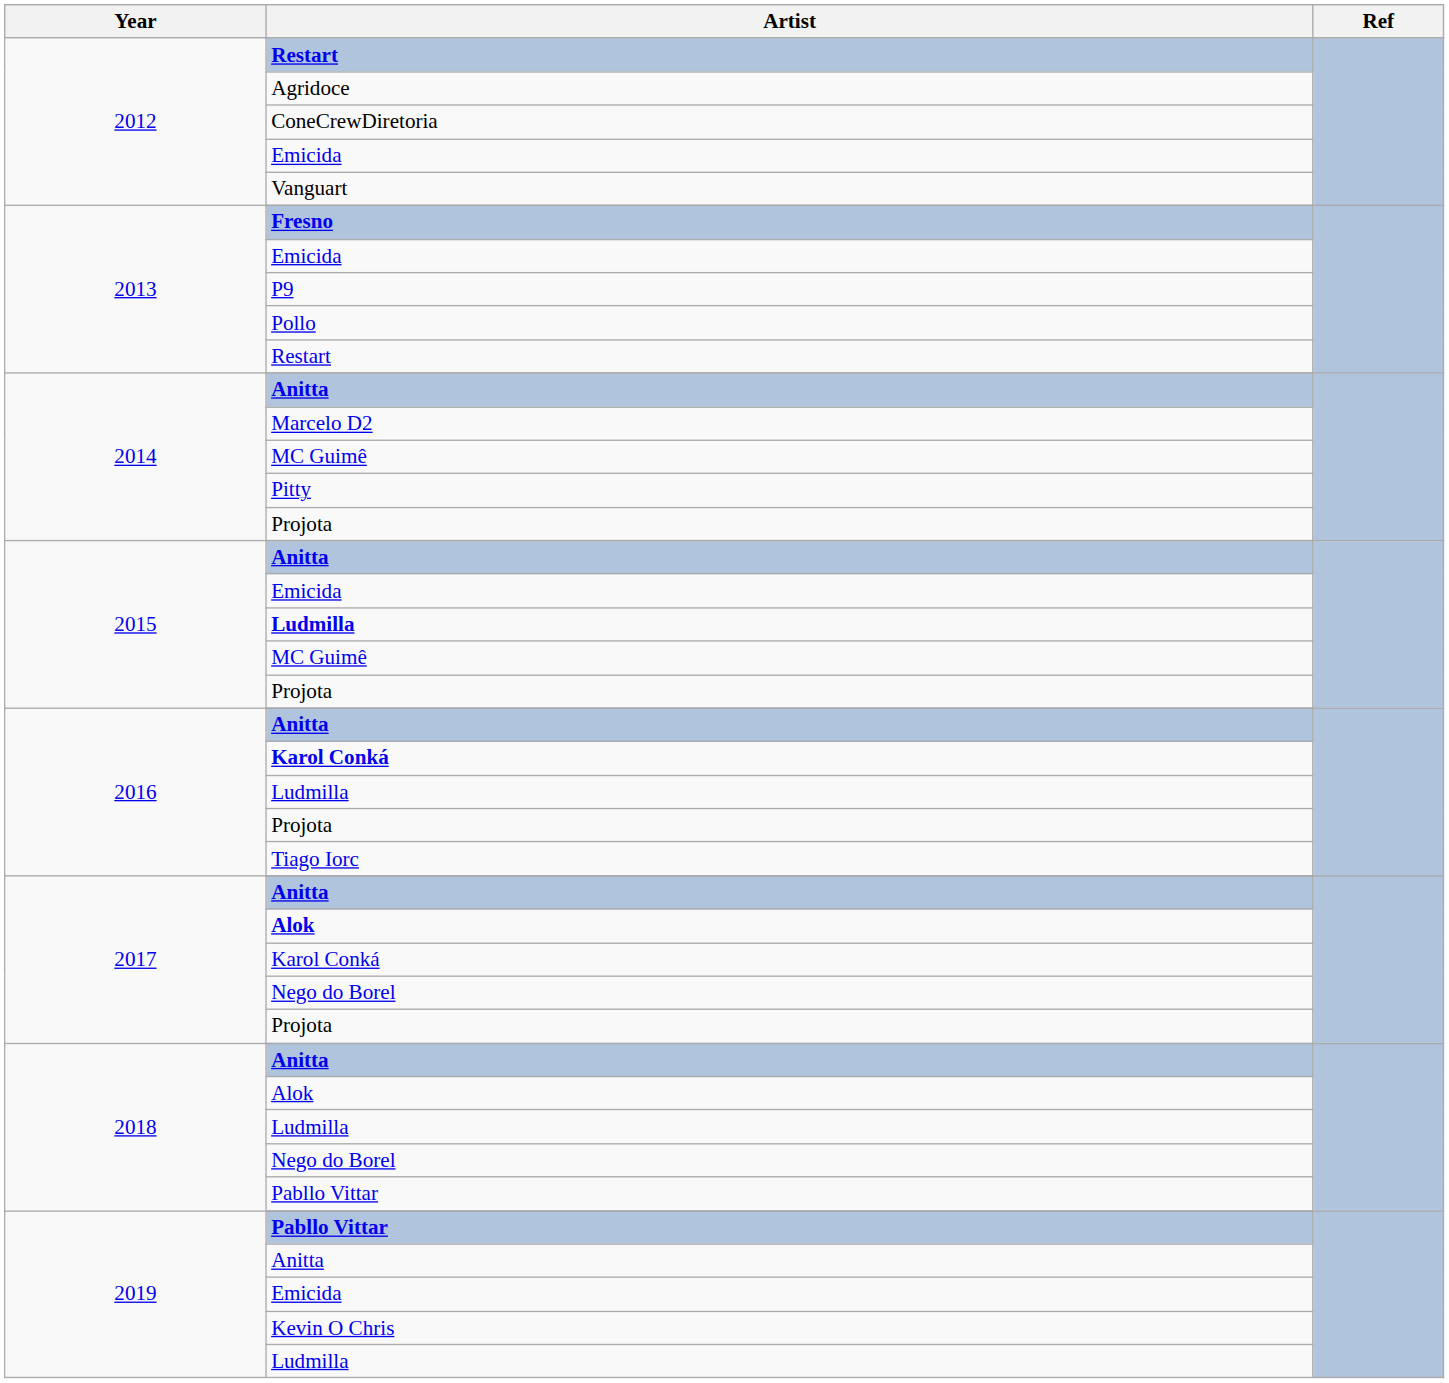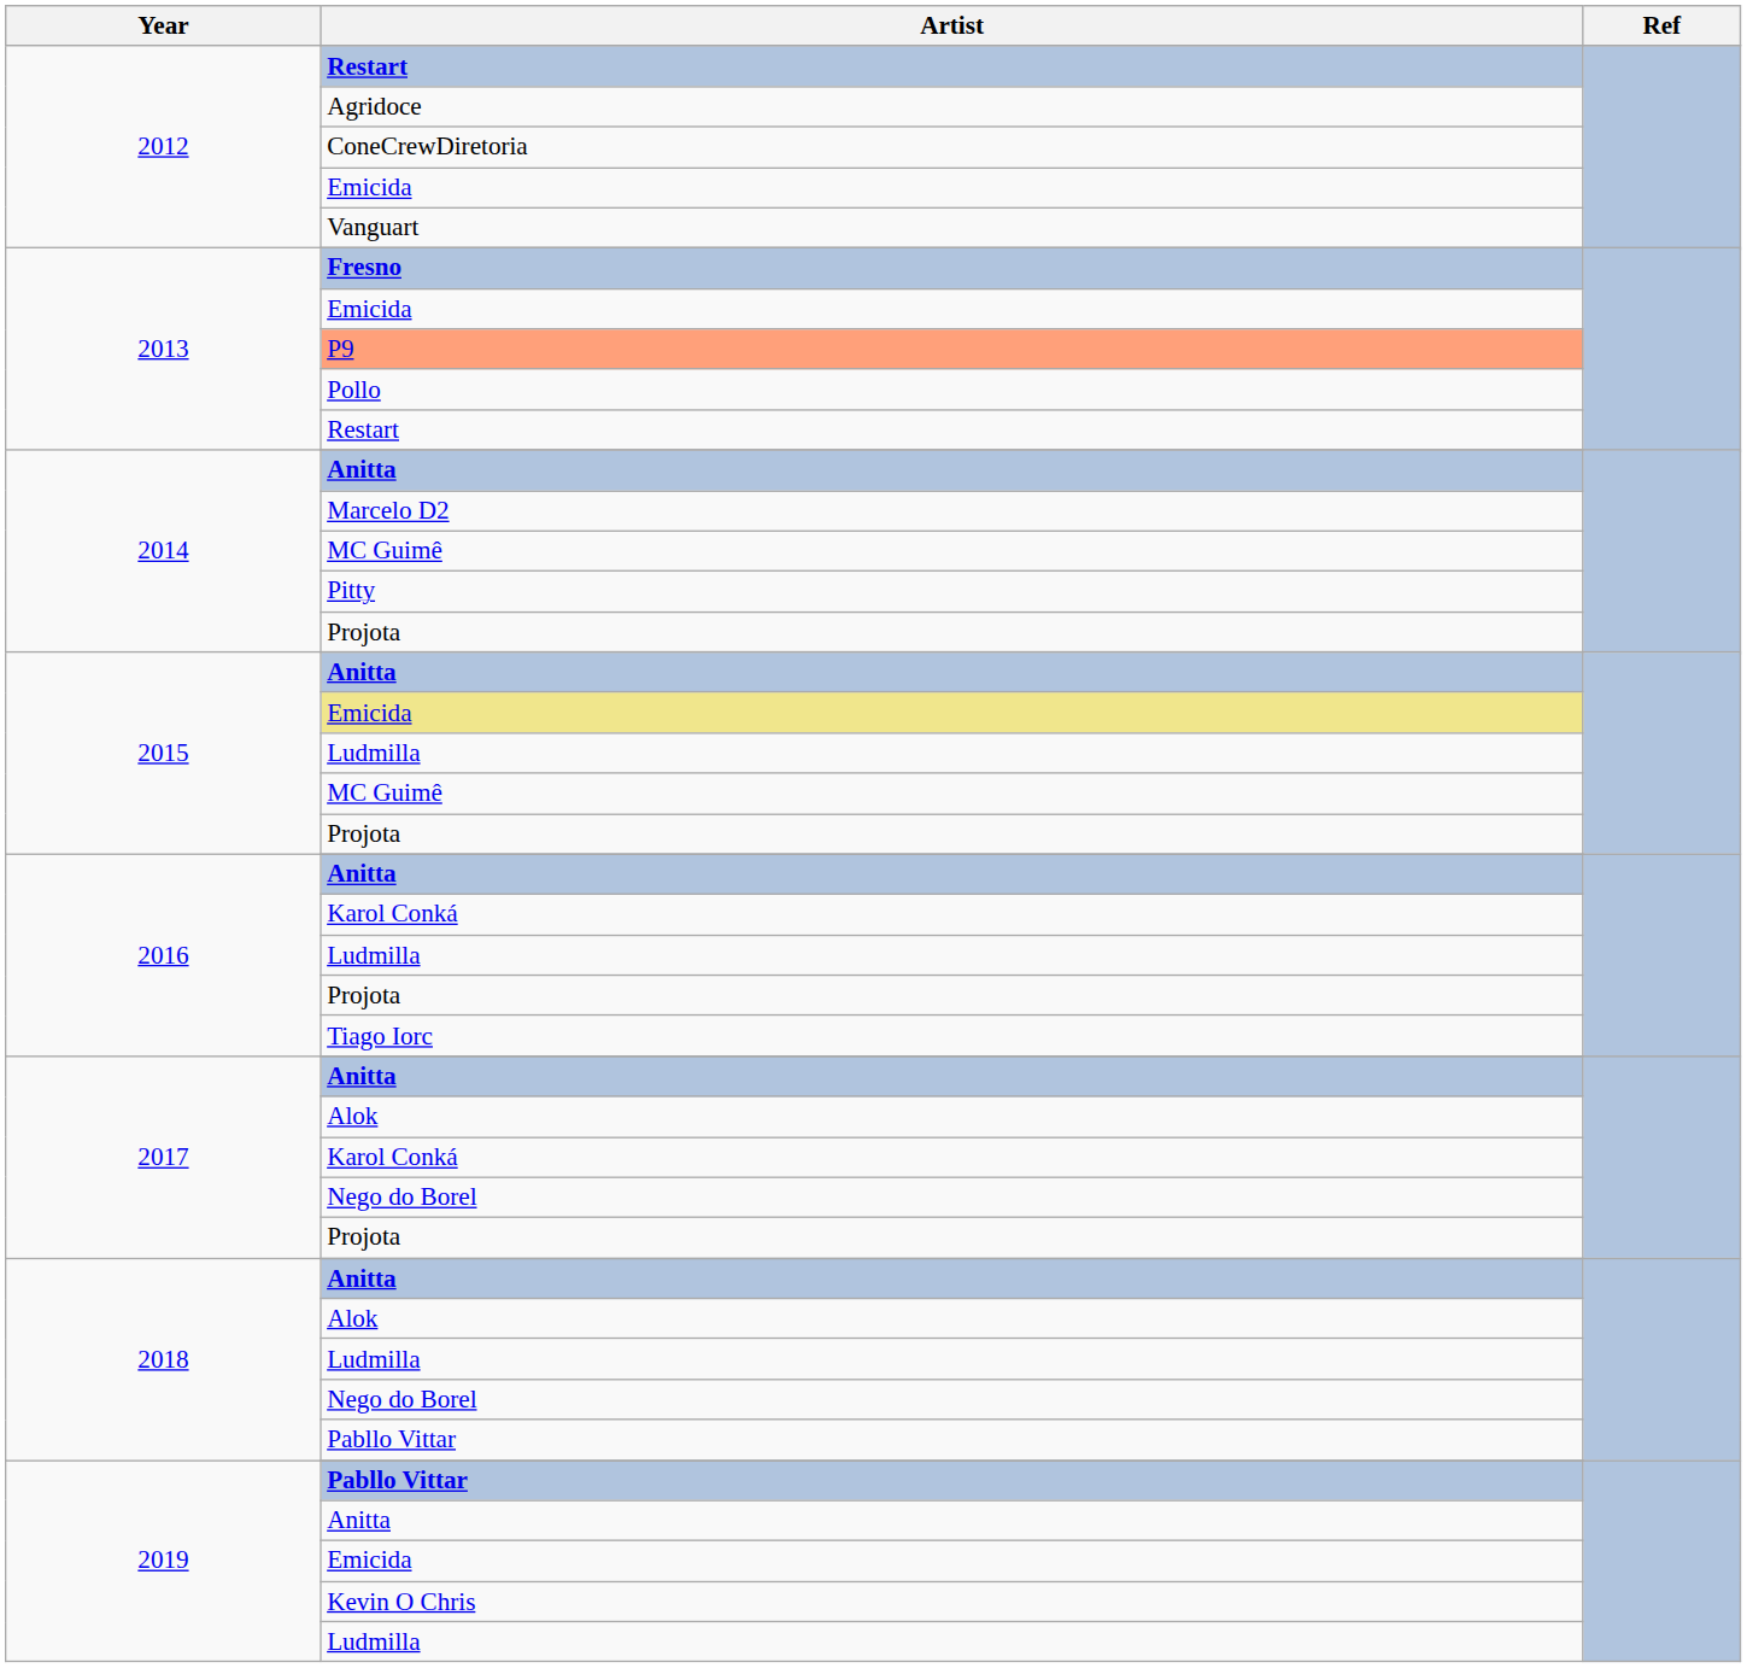 <table class="wikitable" style="width:55%;">
 <tr style="background:#bebebe;">
 <th style="width:10%;">Year</th>
 <th style="width:40%;">Artist</th>
 <th style="width:5%;">Ref</th>
 </tr>
 <tr>
 <td rowspan="6" align="center"><a href='#'>2012</a></td>
 </tr>
 <tr style="background:#B0C4DE">
 <td><strong><a href='#'>Restart</a></strong></td>
 <td rowspan="6" align="center"></td>
 </tr>
 <tr>
 <td>Agridoce</td>
 </tr>
 <tr>
 <td>ConeCrewDiretoria</td>
 </tr>
 <tr>
 <td><a href='#'>Emicida</a></td>
 </tr>
 <tr>
 <td>Vanguart</td>
 </tr>
 <tr>
 <td rowspan="6" align="center"><a href='#'>2013</a></td>
 </tr>
 <tr style="background:#B0C4DE">
 <td><strong><a href='#'>Fresno</a></strong></td>
 <td rowspan="6" align="center"></td>
 </tr>
 <tr>
 <td><a href='#'>Emicida</a></td>
 </tr>
 <tr>
-<td><a href='#'>P9</a></td>
+<td style="background: lightsalmon;"><a href='#'>P9</a></td>
 </tr>
 <tr>
 <td><a href='#'>Pollo</a></td>
 </tr>
 <tr>
 <td><a href='#'>Restart</a></td>
 </tr>
 <tr>
 <td rowspan="6" align="center"><a href='#'>2014</a></td>
 </tr>
 <tr style="background:#B0C4DE">
 <td><strong><a href='#'>Anitta</a></strong></td>
 <td rowspan="6" align="center"></td>
 </tr>
 <tr>
 <td><a href='#'>Marcelo D2</a></td>
 </tr>
 <tr>
 <td><a href='#'>MC Guimê</a></td>
 </tr>
 <tr>
 <td><a href='#'>Pitty</a></td>
 </tr>
 <tr>
 <td>Projota</td>
 </tr>
 <tr>
 <td rowspan="6" align="center"><a href='#'>2015</a></td>
 </tr>
 <tr style="background:#B0C4DE">
 <td><strong><a href='#'>Anitta</a></strong></td>
 <td rowspan="6" align="center"></td>
 </tr>
 <tr>
-<td><a href='#'>Emicida</a></td>
+<td style="background: khaki;"><a href='#'>Emicida</a></td>
 </tr>
 <tr>
-<td><strong><a href='#'>Ludmilla</a></strong></td>
+<td><a href='#'>Ludmilla</a></td>
 </tr>
 <tr>
 <td><a href='#'>MC Guimê</a></td>
 </tr>
 <tr>
 <td>Projota</td>
 </tr>
 <tr>
 <td rowspan="6" align="center"><a href='#'>2016</a></td>
 </tr>
 <tr style="background:#B0C4DE">
 <td><strong><a href='#'>Anitta</a></strong></td>
 <td rowspan="6" align="center"></td>
 </tr>
 <tr>
-<td><strong><a href='#'>Karol Conká</a></strong></td>
+<td><a href='#'>Karol Conká</a></td>
 </tr>
 <tr>
 <td><a href='#'>Ludmilla</a></td>
 </tr>
 <tr>
 <td>Projota</td>
 </tr>
 <tr>
 <td><a href='#'>Tiago Iorc</a></td>
 </tr>
 <tr>
 <td rowspan="6" align="center"><a href='#'>2017</a></td>
 </tr>
 <tr style="background:#B0C4DE">
 <td><strong><a href='#'>Anitta</a></strong></td>
 <td rowspan="6" align="center"></td>
 </tr>
 <tr>
-<td><strong><a href='#'>Alok</a></strong></td>
+<td><a href='#'>Alok</a></td>
 </tr>
 <tr>
 <td><a href='#'>Karol Conká</a></td>
 </tr>
 <tr>
 <td><a href='#'>Nego do Borel</a></td>
 </tr>
 <tr>
 <td>Projota</td>
 </tr>
 <tr>
 <td rowspan="6" align="center"><a href='#'>2018</a></td>
 </tr>
 <tr style="background:#B0C4DE">
 <td><strong><a href='#'>Anitta</a></strong></td>
 <td rowspan="6" align="center"></td>
 </tr>
 <tr>
 <td><a href='#'>Alok</a></td>
 </tr>
 <tr>
 <td><a href='#'>Ludmilla</a></td>
 </tr>
 <tr>
 <td><a href='#'>Nego do Borel</a></td>
 </tr>
 <tr>
 <td><a href='#'>Pabllo Vittar</a></td>
 </tr>
 <tr>
 <td rowspan="6" align="center"><a href='#'>2019</a></td>
 </tr>
 <tr style="background:#B0C4DE">
 <td><strong><a href='#'>Pabllo Vittar</a></strong></td>
 <td rowspan="6" align="center"></td>
 </tr>
 <tr>
 <td><a href='#'>Anitta</a></td>
 </tr>
 <tr>
 <td><a href='#'>Emicida</a></td>
 </tr>
 <tr>
 <td><a href='#'>Kevin O Chris</a></td>
 </tr>
 <tr>
 <td><a href='#'>Ludmilla</a></td>
 </tr>
 </table>
